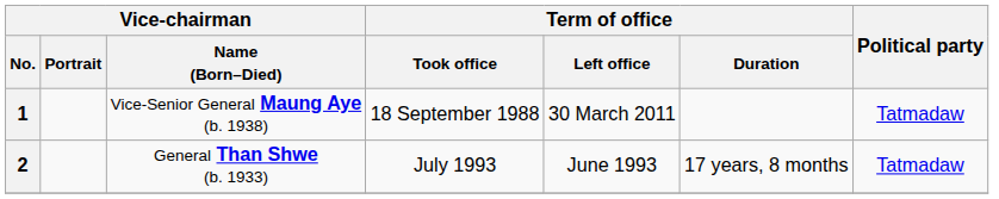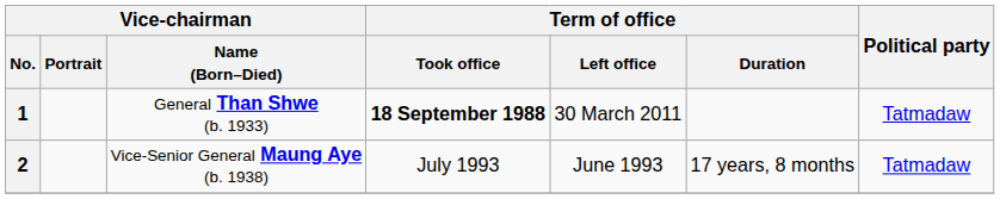 <table class="wikitable" style="text-align:center;">
 <tr>
 <th colspan=3>Vice-chairman</th>
 <th colspan=3>Term of office</th>
 <th rowspan=2>Political party</th>
 </tr>
 <tr>
 <th><small>No.</small></th>
 <th><small>Portrait</small></th>
 <th><small>Name<br>(Born–Died)</small></th>
 <th><small>Took office</small></th>
 <th><small>Left office</small></th>
 <th><small>Duration</small></th>
 </tr>
 <tr>
 <th style="background:">1</th>
 <td></td>
-<td><small>Vice-Senior General</small> <strong><a href='#'>Maung Aye</a></strong><br><small>(b. 1938)</small></td>
-<td>18 September 1988</td>
+<td><small>General</small> <strong><a href='#'>Than Shwe</a></strong><br><small>(b. 1933)</small></td>
+<td><strong>18 September 1988</strong></td>
 <td>30 March 2011</td>
 <td></td>
 <td><a href='#'>Tatmadaw</a></td>
 </tr>
 <tr>
 <th style="background:">2</th>
 <td></td>
-<td><small>General</small> <strong><a href='#'>Than Shwe</a></strong><br><small>(b. 1933)</small></td>
+<td><small>Vice-Senior General</small> <strong><a href='#'>Maung Aye</a></strong><br><small>(b. 1938)</small></td>
 <td>July 1993</td>
 <td>June 1993</td>
 <td>17 years, 8 months</td>
 <td><a href='#'>Tatmadaw</a></td>
 </tr>
 <tr>
 </tr>
 </table>
